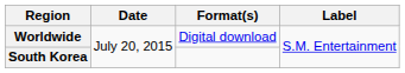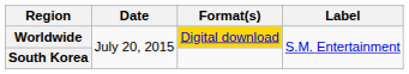 <table class="wikitable plainrowheaders">
 <tr>
 <th scope="col">Region</th>
 <th scope="col">Date</th>
 <th scope="col">Format(s)</th>
 <th scope="col">Label</th>
 </tr>
 <tr>
 <th scope="row">Worldwide</th>
 <td rowspan="2">July 20, 2015</td>
-<td><a href='#'>Digital download</a></td>
+<td style="background: gold;"><a href='#'>Digital download</a></td>
 <td rowspan="2"><a href='#'>S.M. Entertainment</a></td>
 </tr>
 <tr>
 <th scope="row">South Korea</th>
 <td></td>
 </tr>
 </table>
